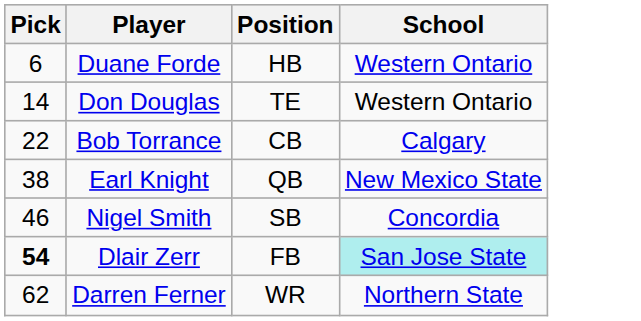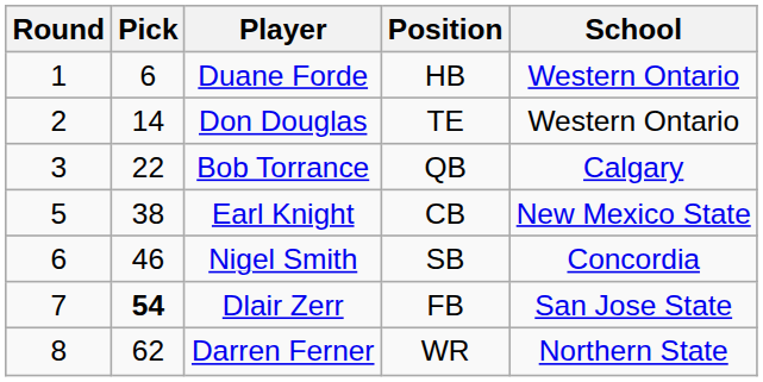 <table class="wikitable" style="font-size: 95%;">
 <tr>
+<th scope="col">Round</th>
 <th scope="col">Pick</th>
 <th scope="col">Player</th>
 <th scope="col">Position</th>
 <th scope="col">School</th>
 </tr>
 <tr align="center">
+<td align=center>1</td>
 <td>6</td>
 <td><a href='#'>Duane Forde</a></td>
 <td>HB</td>
 <td><a href='#'>Western Ontario</a></td>
 </tr>
 <tr align="center">
+<td align=center>2</td>
 <td>14</td>
 <td><a href='#'>Don Douglas</a></td>
 <td>TE</td>
 <td>Western Ontario</td>
 </tr>
 <tr align="center">
+<td align=center>3</td>
 <td>22</td>
 <td><a href='#'>Bob Torrance</a></td>
-<td>CB</td>
+<td>QB</td>
 <td><a href='#'>Calgary</a></td>
 </tr>
 <tr align="center">
+<td align=center>5</td>
 <td>38</td>
 <td><a href='#'>Earl Knight</a></td>
-<td>QB</td>
+<td>CB</td>
 <td><a href='#'>New Mexico State</a></td>
 </tr>
 <tr align="center">
+<td align=center>6</td>
 <td>46</td>
 <td><a href='#'>Nigel Smith</a></td>
 <td>SB</td>
 <td><a href='#'>Concordia</a></td>
 </tr>
 <tr align="center">
+<td align=center>7</td>
 <td><strong>54</strong></td>
 <td><a href='#'>Dlair Zerr</a></td>
 <td>FB</td>
-<td style="background: paleturquoise;"><a href='#'>San Jose State</a></td>
+<td><a href='#'>San Jose State</a></td>
 </tr>
 <tr align="center">
+<td align=center>8</td>
 <td>62</td>
 <td><a href='#'>Darren Ferner</a></td>
 <td>WR</td>
 <td><a href='#'>Northern State</a></td>
 </tr>
 </table>
